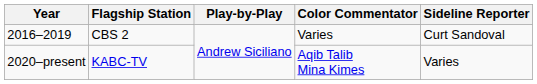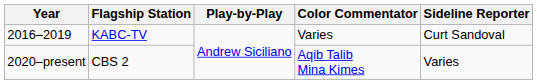 <table class="wikitable">
 <tr>
 <th>Year</th>
 <th>Flagship Station</th>
 <th>Play-by-Play</th>
 <th>Color Commentator</th>
 <th>Sideline Reporter</th>
 </tr>
 <tr>
 <td>2016–2019</td>
-<td>CBS 2</td>
+<td><a href='#'>KABC-TV</a></td>
 <td rowspan=2><a href='#'>Andrew Siciliano</a></td>
 <td>Varies</td>
 <td>Curt Sandoval</td>
 </tr>
 <tr>
 <td>2020–present</td>
-<td><a href='#'>KABC-TV</a></td>
+<td>CBS 2</td>
 <td><a href='#'>Aqib Talib</a><br><a href='#'>Mina Kimes</a></td>
 <td>Varies</td>
 </tr>
 </table>
